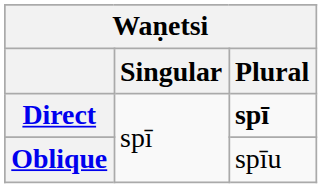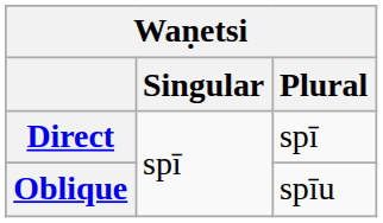 <table class="wikitable">
 <tr>
 <th colspan="3">Waṇetsi</th>
 </tr>
 <tr>
 <th></th>
 <th>Singular</th>
 <th>Plural</th>
 </tr>
 <tr>
 <th><strong><a href='#'>Direct</a></strong></th>
 <td rowspan="2">spī</td>
-<td><strong>spī</strong></td>
+<td>spī</td>
 </tr>
 <tr>
 <th><strong><a href='#'>Oblique</a></strong></th>
 <td>spīu</td>
 </tr>
 </table>
